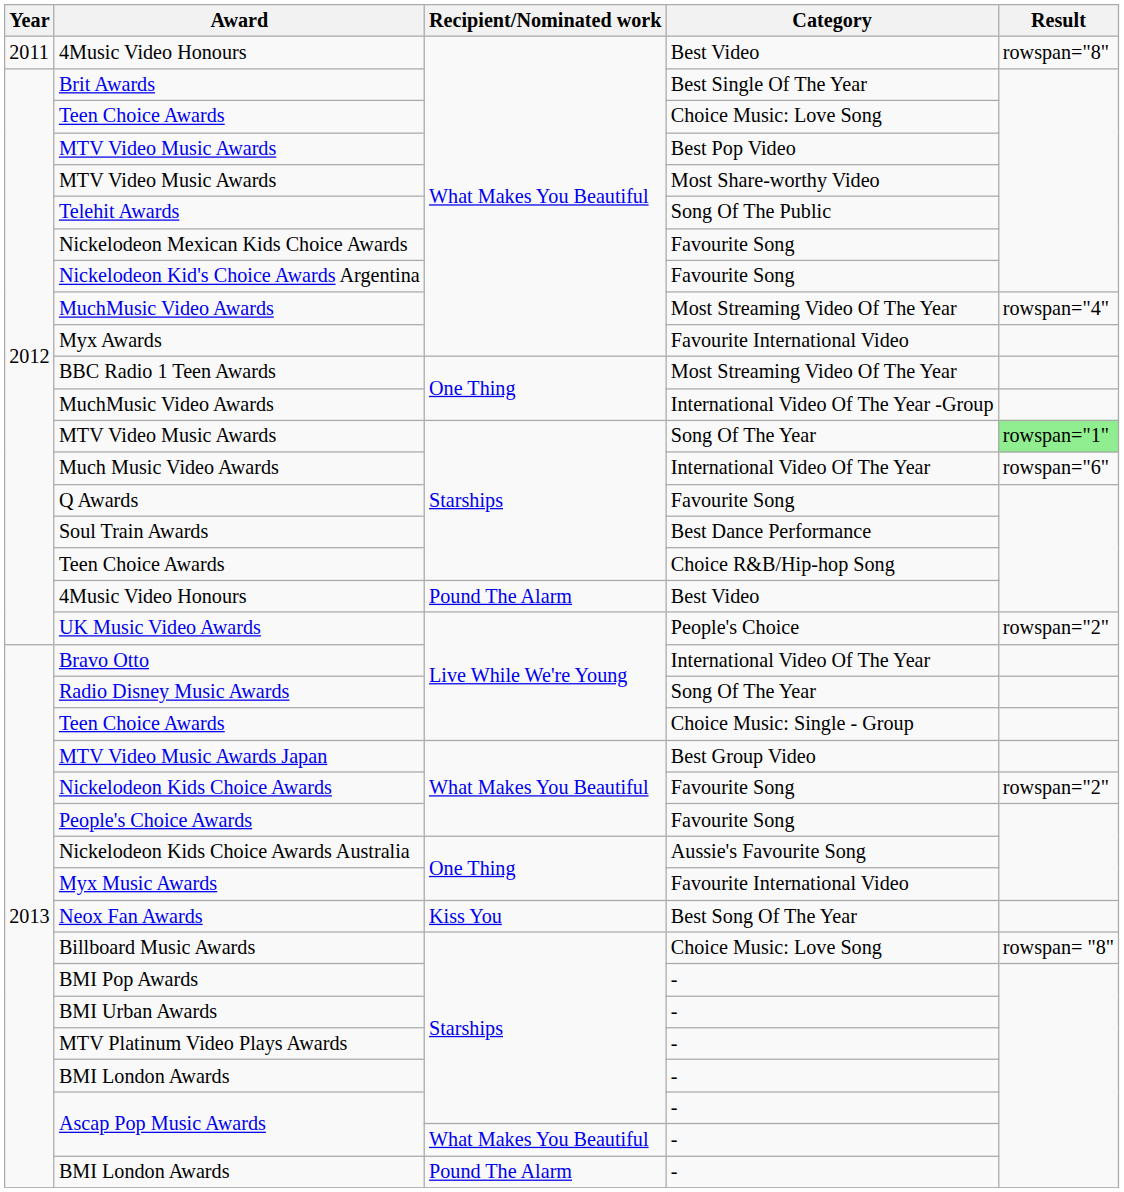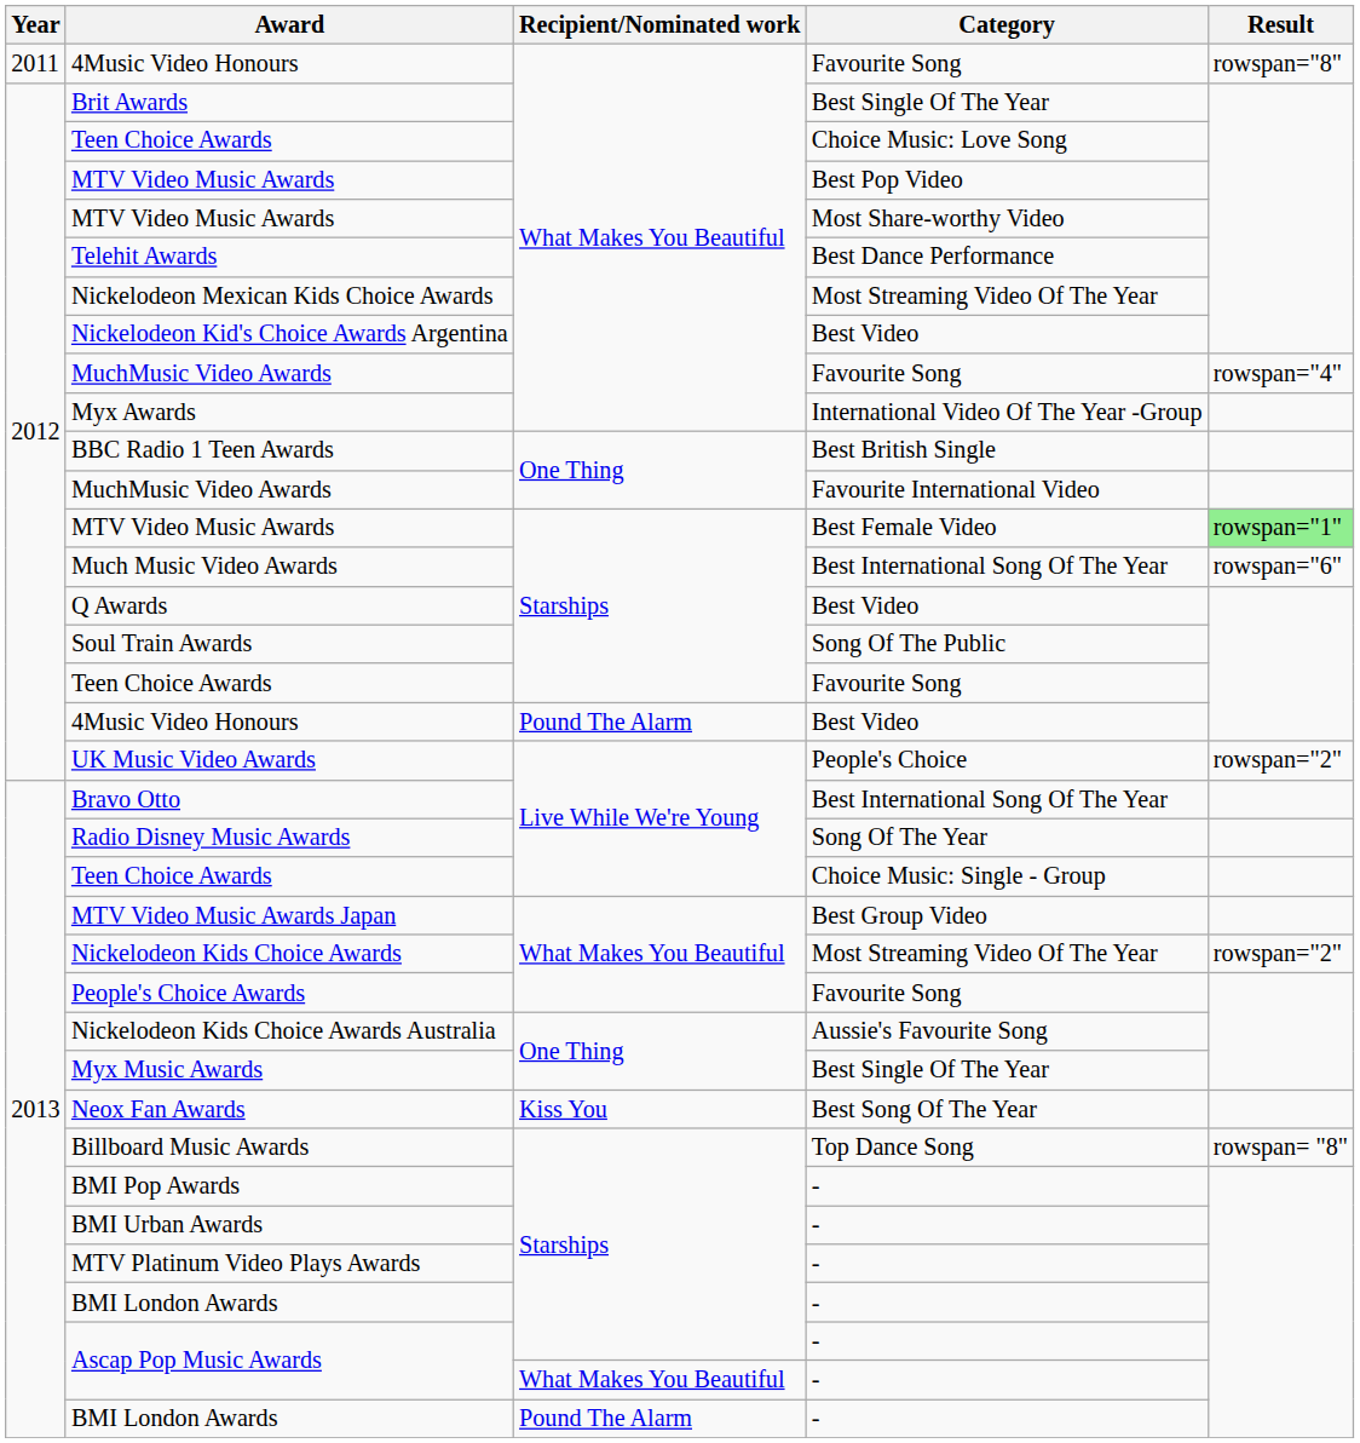 <table class="wikitable">
 <tr>
 <th>Year</th>
 <th>Award</th>
 <th>Recipient/Nominated work</th>
 <th>Category</th>
 <th>Result</th>
 </tr>
 <tr>
 <td>2011</td>
 <td>4Music Video Honours</td>
 <td rowspan="10"><a href='#'>What Makes You Beautiful</a></td>
-<td>Best Video</td>
+<td>Favourite Song</td>
 <td>rowspan="8" </td>
 </tr>
 <tr>
 <td rowspan="19">2012</td>
 <td><a href='#'>Brit Awards</a></td>
 <td>Best Single Of The Year</td>
 </tr>
 <tr>
 <td><a href='#'>Teen Choice Awards</a></td>
 <td>Choice Music: Love Song</td>
 </tr>
 <tr>
 <td><a href='#'>MTV Video Music Awards</a></td>
 <td>Best Pop Video</td>
 </tr>
 <tr>
 <td>MTV Video Music Awards</td>
 <td>Most Share-worthy Video</td>
 </tr>
 <tr>
 <td><a href='#'>Telehit Awards</a></td>
-<td>Song Of The Public</td>
+<td>Best Dance Performance</td>
 </tr>
 <tr>
 <td>Nickelodeon Mexican Kids Choice Awards</td>
-<td>Favourite Song</td>
+<td>Most Streaming Video Of The Year</td>
 </tr>
 <tr>
 <td><a href='#'>Nickelodeon Kid's Choice Awards</a> Argentina</td>
-<td>Favourite Song</td>
+<td>Best Video</td>
 </tr>
 <tr>
 <td><a href='#'>MuchMusic Video Awards</a></td>
-<td>Most Streaming Video Of The Year</td>
+<td>Favourite Song</td>
 <td>rowspan="4" </td>
 </tr>
 <tr>
 <td>Myx Awards</td>
-<td>Favourite International Video</td>
+<td>International Video Of The Year -Group</td>
 </tr>
 <tr>
 <td>BBC Radio 1 Teen Awards</td>
 <td rowspan="2"><a href='#'>One Thing</a></td>
-<td>Most Streaming Video Of The Year</td>
+<td>Best British Single</td>
 <td></td>
 </tr>
 <tr>
 <td>MuchMusic Video Awards</td>
-<td>International Video Of The Year -Group</td>
+<td>Favourite International Video</td>
 <td></td>
 </tr>
 <tr>
 <td>MTV Video Music Awards</td>
 <td rowspan="6"><a href='#'>Starships</a></td>
-<td>Song Of The Year</td>
+<td>Best Female Video</td>
 <td style="background: lightgreen;">rowspan="1" </td>
 </tr>
 <tr>
 <td>Much Music Video Awards</td>
-<td>International Video Of The Year</td>
+<td>Best International Song Of The Year</td>
 <td>rowspan="6" </td>
 </tr>
 <tr>
 <td>Q Awards</td>
-<td>Favourite Song</td>
+<td>Best Video</td>
 </tr>
 <tr>
 <td>Soul Train Awards</td>
-<td>Best Dance Performance</td>
+<td>Song Of The Public</td>
 </tr>
 <tr>
 <td>Teen Choice Awards</td>
-<td>Choice R&B/Hip-hop Song</td>
+<td>Favourite Song</td>
 </tr>
 <tr>
 <td rowspan= "2">4Music Video Honours</td>
 <td rowspan= "2">Best Video</td>
 </tr>
 <tr>
 <td><a href='#'>Pound The Alarm</a></td>
 </tr>
 <tr>
 <td><a href='#'>UK Music Video Awards</a></td>
 <td rowspan="4"><a href='#'>Live While We're Young</a></td>
 <td>People's Choice</td>
 <td>rowspan="2" </td>
 </tr>
 <tr>
 <td rowspan="17">2013</td>
 <td><a href='#'>Bravo Otto</a></td>
-<td>International Video Of The Year</td>
+<td>Best International Song Of The Year</td>
 </tr>
 <tr>
 <td><a href='#'>Radio Disney Music Awards</a></td>
 <td>Song Of The Year</td>
 <td></td>
 </tr>
 <tr>
 <td><a href='#'>Teen Choice Awards</a></td>
 <td>Choice Music: Single - Group</td>
 <td></td>
 </tr>
 <tr>
 <td><a href='#'>MTV Video Music Awards Japan</a></td>
 <td rowspan="3"><a href='#'>What Makes You Beautiful</a></td>
 <td>Best Group Video</td>
 <td></td>
 </tr>
 <tr>
 <td><a href='#'>Nickelodeon Kids Choice Awards</a></td>
-<td>Favourite Song</td>
+<td>Most Streaming Video Of The Year</td>
 <td>rowspan="2" </td>
 </tr>
 <tr>
 <td><a href='#'>People's Choice Awards</a></td>
 <td>Favourite Song</td>
 </tr>
 <tr>
 <td>Nickelodeon Kids Choice Awards Australia</td>
 <td rowspan="2"><a href='#'>One Thing</a></td>
 <td>Aussie's Favourite Song</td>
 </tr>
 <tr>
 <td><a href='#'>Myx Music Awards</a></td>
-<td>Favourite International Video</td>
+<td>Best Single Of The Year</td>
 </tr>
 <tr>
 <td><a href='#'>Neox Fan Awards</a></td>
 <td><a href='#'>Kiss You</a></td>
 <td>Best Song Of The Year</td>
 <td></td>
 </tr>
 <tr>
 <td>Billboard Music Awards</td>
 <td rowspan= "6"><a href='#'>Starships</a></td>
-<td>Choice Music: Love Song</td>
+<td>Top Dance Song</td>
 <td>rowspan= "8" </td>
 </tr>
 <tr>
 <td>BMI Pop Awards</td>
 <td>-</td>
 </tr>
 <tr>
 <td>BMI Urban Awards</td>
 <td>-</td>
 </tr>
 <tr>
 <td>MTV Platinum Video Plays Awards</td>
 <td>-</td>
 </tr>
 <tr>
 <td>BMI London Awards</td>
 <td>-</td>
 </tr>
 <tr>
 <td rowspan= "2"><a href='#'>Ascap Pop Music Awards</a></td>
 <td>-</td>
 </tr>
 <tr>
 <td><a href='#'>What Makes You Beautiful</a></td>
 <td>-</td>
 </tr>
 <tr>
 <td>BMI London Awards</td>
 <td><a href='#'>Pound The Alarm</a></td>
 <td>-</td>
 </tr>
 </table>
